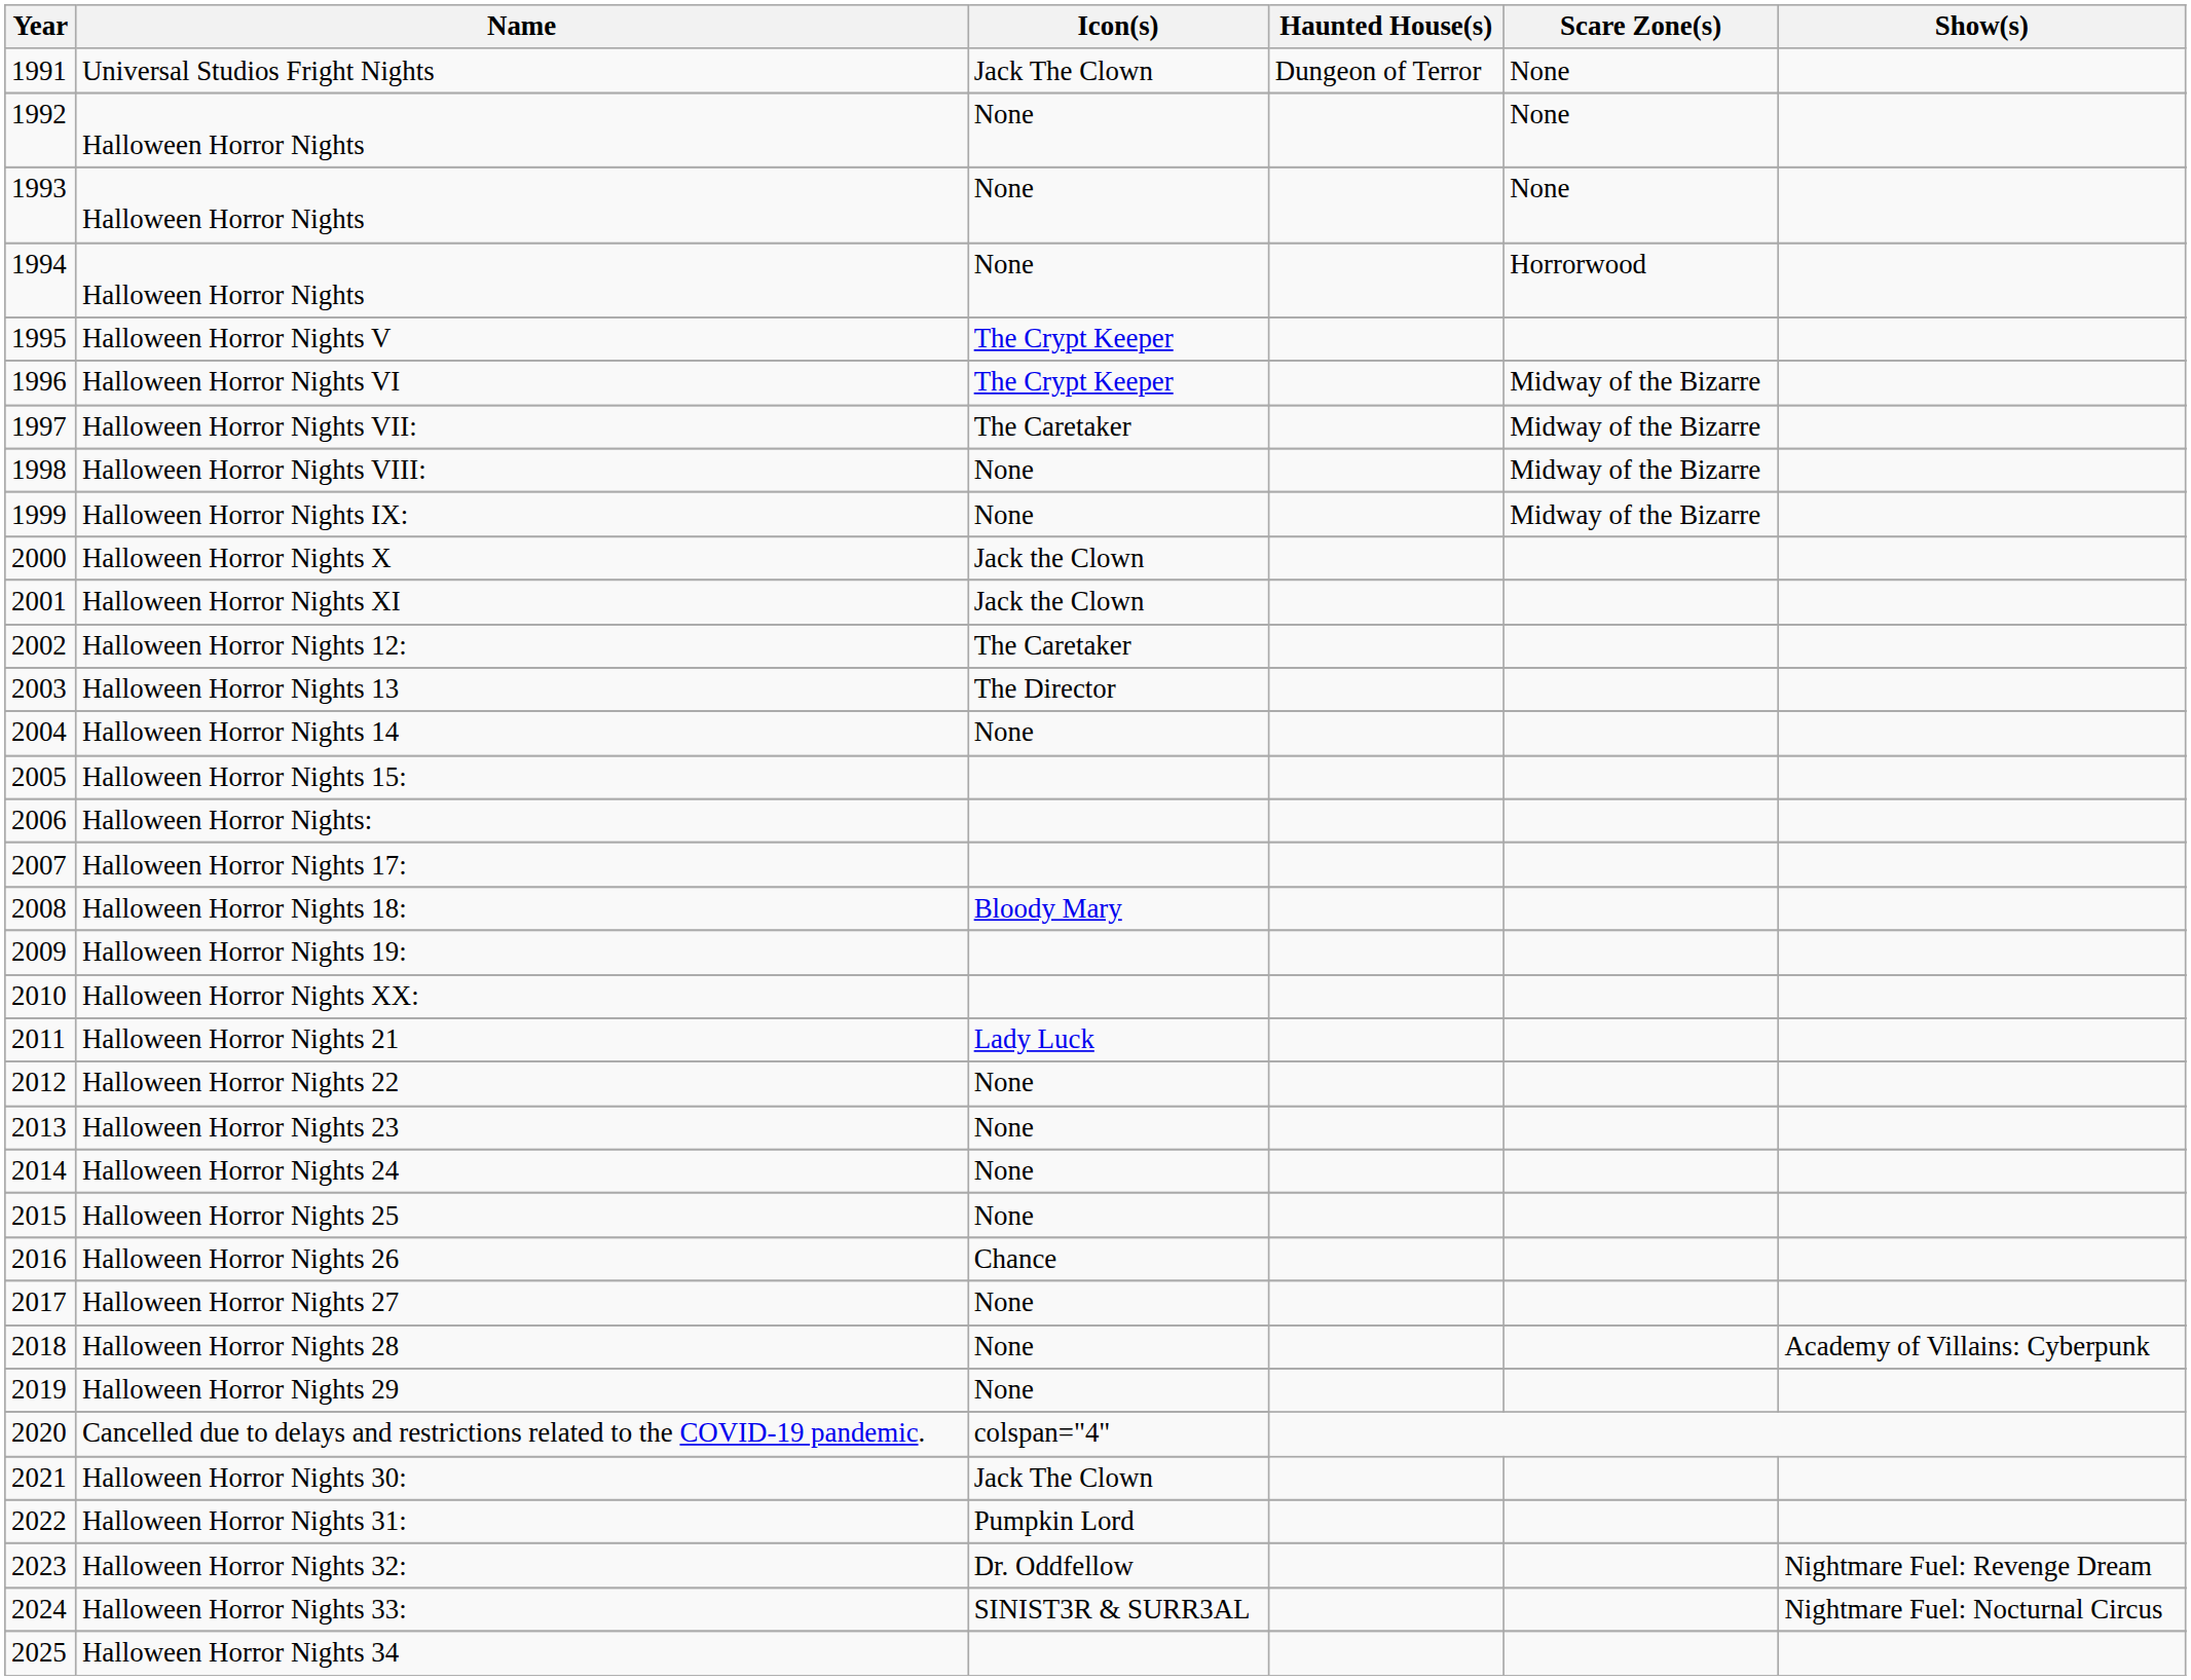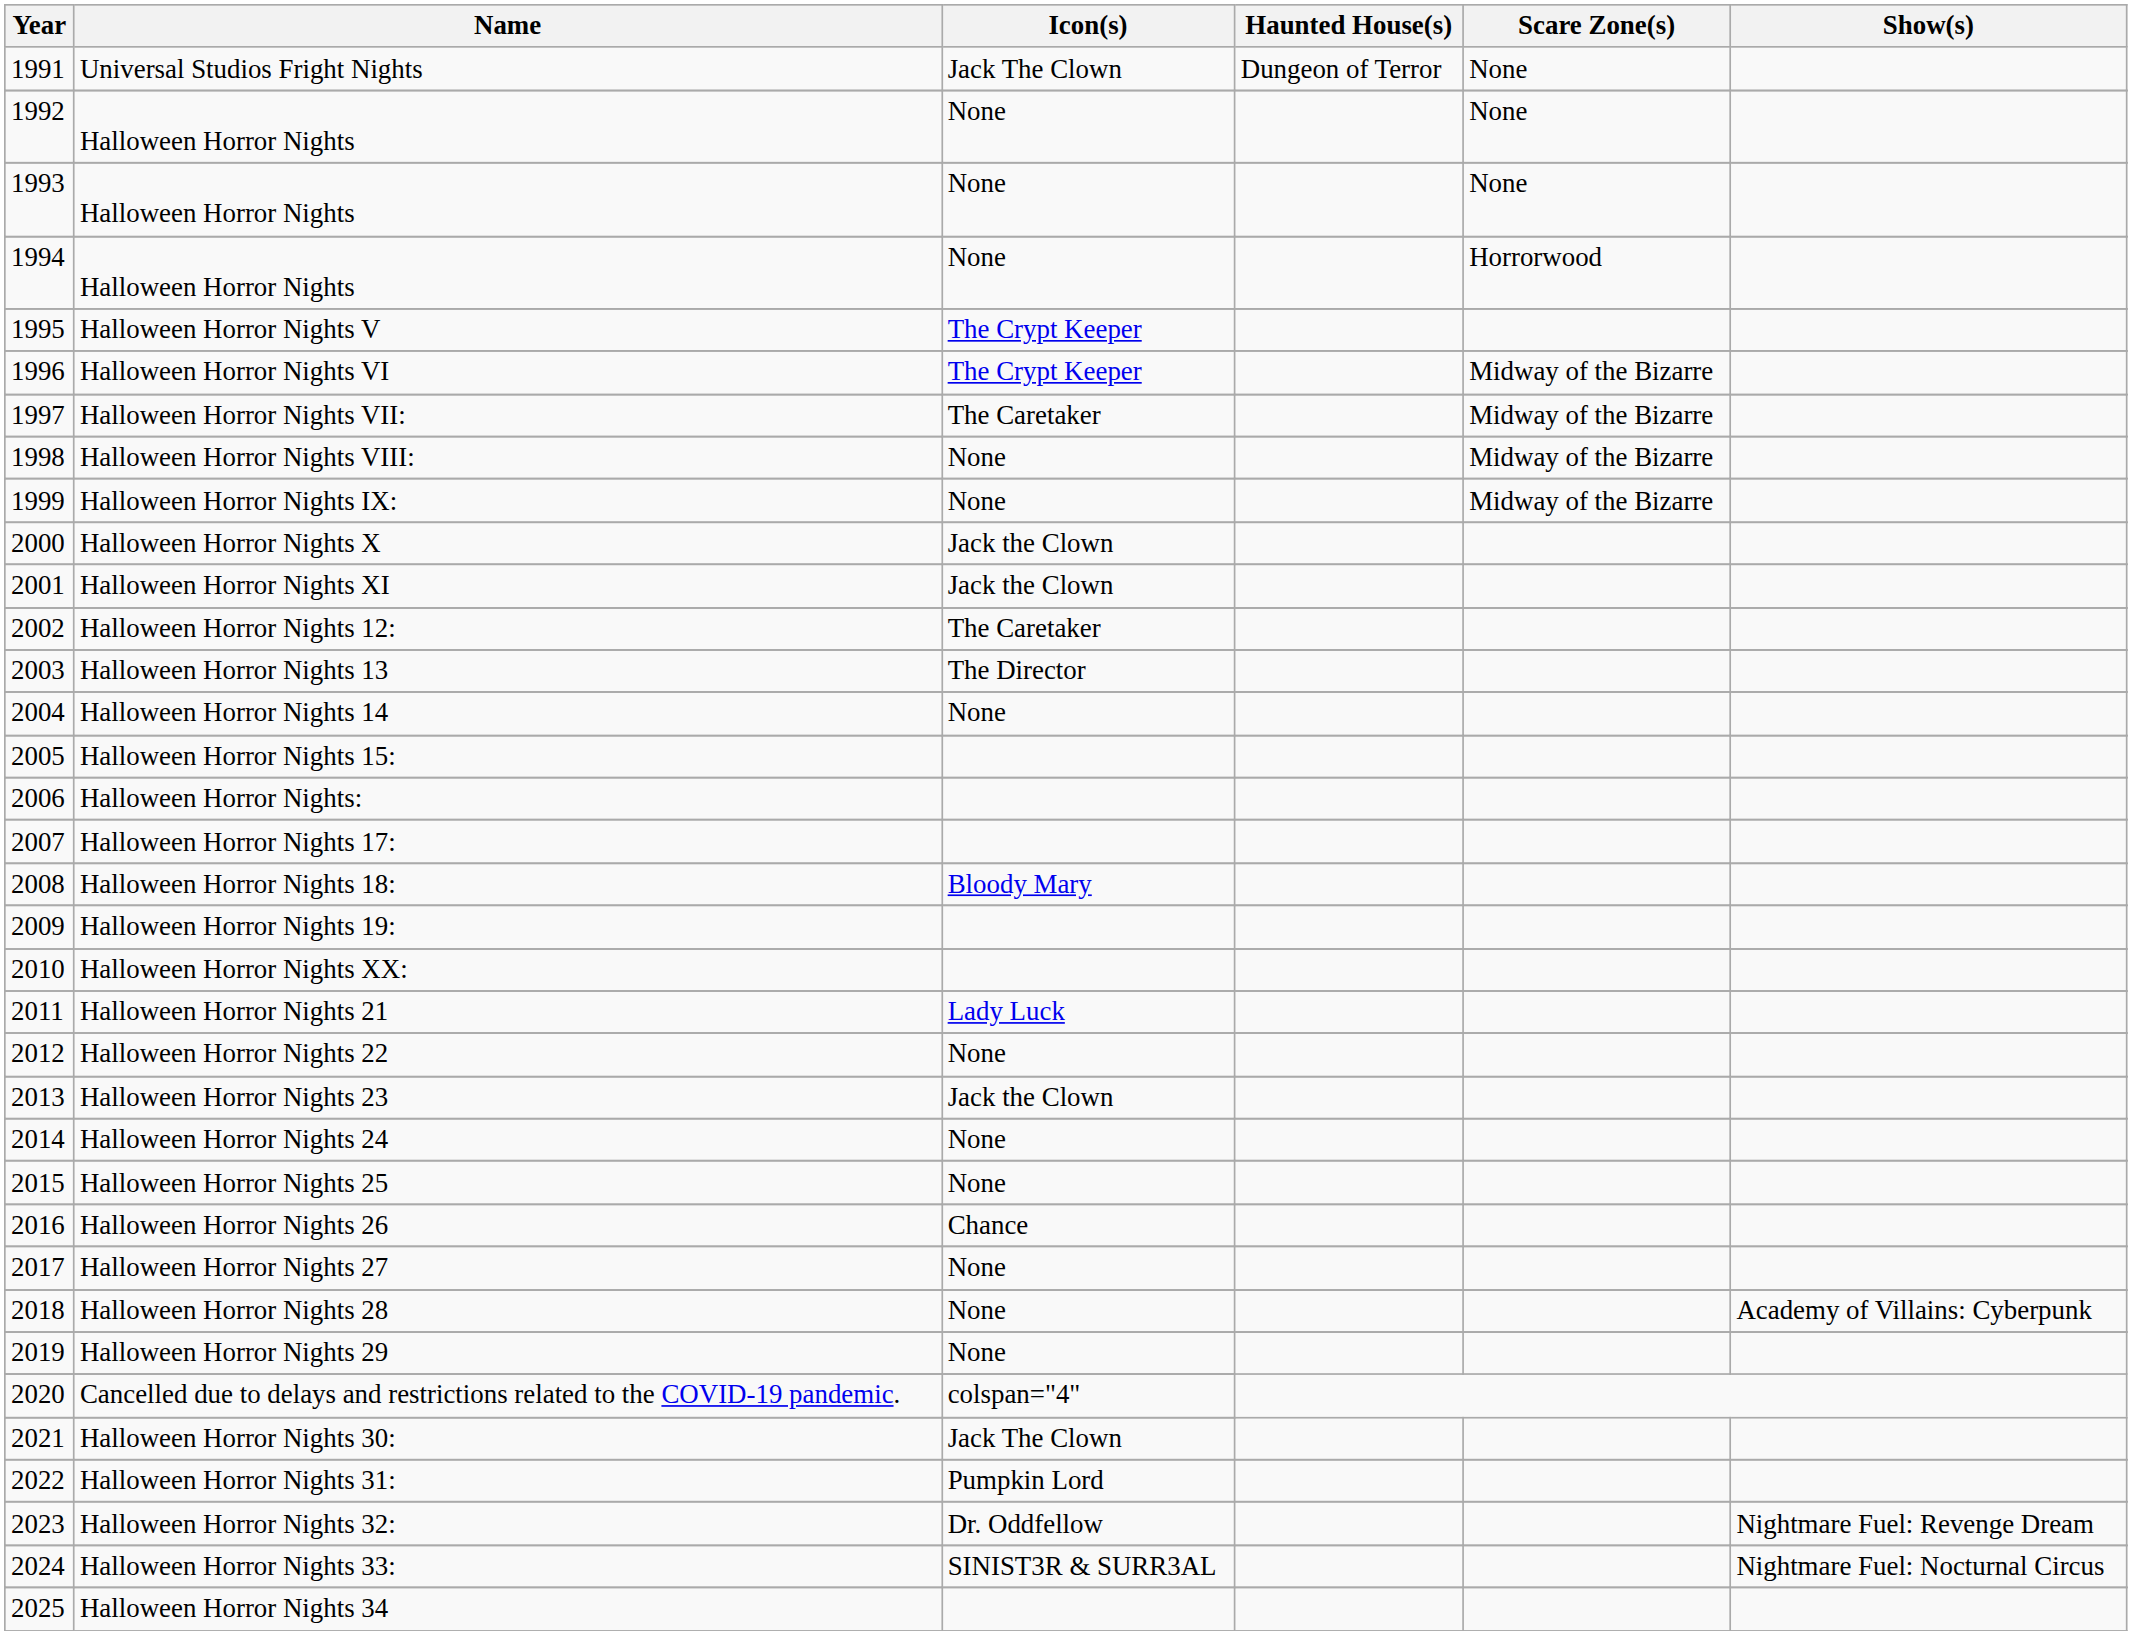 <table class="wikitable collapsible collapsed" style="width:100%">
 <tr>
 <th>Year</th>
 <th>Name</th>
 <th>Icon(s)</th>
 <th>Haunted House(s)</th>
 <th>Scare Zone(s)</th>
 <th>Show(s)</th>
 </tr>
 <tr valign="top">
 <td>1991</td>
 <td>Universal Studios Fright Nights</td>
 <td>Jack The Clown</td>
 <td>Dungeon of Terror</td>
 <td>None</td>
 <td></td>
 </tr>
 <tr>
 </tr>
 <tr valign="top">
 <td>1992</td>
 <td><br>Halloween Horror Nights</td>
 <td>None</td>
 <td></td>
 <td>None</td>
 <td></td>
 </tr>
 <tr>
 </tr>
 <tr valign="top">
 <td>1993</td>
 <td><br>Halloween Horror Nights</td>
 <td>None</td>
 <td></td>
 <td>None</td>
 <td></td>
 </tr>
 <tr>
 </tr>
 <tr valign="top">
 <td>1994</td>
 <td><br>Halloween Horror Nights</td>
 <td>None</td>
 <td></td>
 <td>Horrorwood</td>
 <td></td>
 </tr>
 <tr>
 </tr>
 <tr valign="top">
 <td>1995</td>
 <td>Halloween Horror Nights V</td>
 <td><a href='#'>The Crypt Keeper</a></td>
 <td></td>
 <td></td>
 <td></td>
 </tr>
 <tr>
 </tr>
 <tr valign="top">
 <td>1996</td>
 <td>Halloween Horror Nights VI</td>
 <td><a href='#'>The Crypt Keeper</a></td>
 <td></td>
 <td>Midway of the Bizarre</td>
 <td></td>
 </tr>
 <tr>
 </tr>
 <tr valign="top">
 <td>1997</td>
 <td>Halloween Horror Nights VII:<br></td>
 <td>The Caretaker</td>
 <td></td>
 <td>Midway of the Bizarre</td>
 <td></td>
 </tr>
 <tr>
 </tr>
 <tr valign="top">
 <td>1998</td>
 <td>Halloween Horror Nights VIII:<br></td>
 <td>None</td>
 <td></td>
 <td>Midway of the Bizarre</td>
 <td></td>
 </tr>
 <tr>
 </tr>
 <tr valign="top">
 <td>1999</td>
 <td>Halloween Horror Nights IX:<br></td>
 <td>None</td>
 <td></td>
 <td>Midway of the Bizarre</td>
 <td></td>
 </tr>
 <tr>
 </tr>
 <tr valign="top">
 <td>2000</td>
 <td>Halloween Horror Nights X</td>
 <td>Jack the Clown</td>
 <td></td>
 <td></td>
 <td></td>
 </tr>
 <tr>
 </tr>
 <tr valign="top">
 <td>2001</td>
 <td>Halloween Horror Nights XI</td>
 <td>Jack the Clown</td>
 <td></td>
 <td></td>
 <td></td>
 </tr>
 <tr>
 </tr>
 <tr valign="top">
 <td>2002</td>
 <td>Halloween Horror Nights 12:<br></td>
 <td>The Caretaker</td>
 <td></td>
 <td></td>
 <td></td>
 </tr>
 <tr>
 </tr>
 <tr valign="top">
 <td>2003</td>
 <td>Halloween Horror Nights 13</td>
 <td>The Director</td>
 <td></td>
 <td></td>
 <td></td>
 </tr>
 <tr>
 </tr>
 <tr valign="top">
 <td>2004</td>
 <td>Halloween Horror Nights 14</td>
 <td>None</td>
 <td></td>
 <td></td>
 <td></td>
 </tr>
 <tr>
 </tr>
 <tr valign="top">
 <td>2005</td>
 <td>Halloween Horror Nights 15:<br></td>
 <td></td>
 <td></td>
 <td></td>
 <td></td>
 </tr>
 <tr>
 </tr>
 <tr valign="top">
 <td>2006</td>
 <td>Halloween Horror Nights:<br></td>
 <td></td>
 <td></td>
 <td></td>
 <td></td>
 </tr>
 <tr>
 </tr>
 <tr valign="top">
 <td>2007</td>
 <td>Halloween Horror Nights 17:<br></td>
 <td></td>
 <td></td>
 <td></td>
 <td></td>
 </tr>
 <tr>
 </tr>
 <tr valign="top">
 <td>2008</td>
 <td>Halloween Horror Nights 18:<br></td>
 <td><a href='#'>Bloody Mary</a></td>
 <td></td>
 <td></td>
 <td></td>
 </tr>
 <tr>
 </tr>
 <tr valign="top">
 <td>2009</td>
 <td>Halloween Horror Nights 19:<br></td>
 <td></td>
 <td></td>
 <td></td>
 <td></td>
 </tr>
 <tr>
 </tr>
 <tr valign="top">
 <td>2010</td>
 <td>Halloween Horror Nights XX:<br></td>
 <td></td>
 <td></td>
 <td></td>
 <td></td>
 </tr>
 <tr>
 </tr>
 <tr valign="top">
 <td>2011</td>
 <td>Halloween Horror Nights 21</td>
 <td><a href='#'>Lady Luck</a></td>
 <td></td>
 <td></td>
 <td></td>
 </tr>
 <tr>
 </tr>
 <tr valign="top">
 <td>2012</td>
 <td>Halloween Horror Nights 22</td>
 <td>None</td>
 <td></td>
 <td></td>
 <td></td>
 </tr>
 <tr>
 </tr>
 <tr valign="top">
 <td>2013</td>
 <td>Halloween Horror Nights 23</td>
-<td>None</td>
+<td>Jack the Clown</td>
 <td></td>
 <td></td>
 <td></td>
 </tr>
 <tr>
 </tr>
 <tr valign="top">
 <td>2014</td>
 <td>Halloween Horror Nights 24</td>
 <td>None</td>
 <td></td>
 <td></td>
 <td></td>
 </tr>
 <tr>
 </tr>
 <tr valign="top">
 <td>2015</td>
 <td>Halloween Horror Nights 25</td>
 <td>None</td>
 <td></td>
 <td></td>
 <td></td>
 </tr>
 <tr>
 </tr>
 <tr valign="top">
 <td>2016</td>
 <td>Halloween Horror Nights 26</td>
 <td>Chance</td>
 <td></td>
 <td></td>
 <td></td>
 </tr>
 <tr>
 </tr>
 <tr valign="top">
 <td>2017</td>
 <td>Halloween Horror Nights 27</td>
 <td>None</td>
 <td></td>
 <td></td>
 <td></td>
 </tr>
 <tr>
 </tr>
 <tr valign="top">
 <td>2018</td>
 <td>Halloween Horror Nights 28</td>
 <td>None</td>
 <td></td>
 <td></td>
 <td>Academy of Villains: Cyberpunk</td>
 </tr>
 <tr>
 </tr>
 <tr valign="top">
 <td>2019</td>
 <td>Halloween Horror Nights 29</td>
 <td>None</td>
 <td></td>
 <td></td>
 <td></td>
 </tr>
 <tr>
 </tr>
 <tr valign="top">
 <td>2020</td>
 <td>Cancelled due to delays and restrictions related to the <a href='#'>COVID-19 pandemic</a>.</td>
 <td>colspan="4" </td>
 </tr>
 <tr>
 </tr>
 <tr valign="top">
 <td>2021</td>
 <td>Halloween Horror Nights 30:<br></td>
 <td>Jack The Clown</td>
 <td></td>
 <td></td>
 <td></td>
 </tr>
 <tr>
 </tr>
 <tr valign= "top">
 <td>2022</td>
 <td>Halloween Horror Nights 31:<br></td>
 <td>Pumpkin Lord</td>
 <td></td>
 <td></td>
 <td></td>
 </tr>
 <tr>
 </tr>
 <tr valign= "top">
 <td>2023</td>
 <td>Halloween Horror Nights 32:<br></td>
 <td>Dr. Oddfellow</td>
 <td></td>
 <td></td>
 <td>Nightmare Fuel: Revenge Dream</td>
 </tr>
 <tr>
 </tr>
 <tr valign= "top">
 <td>2024</td>
 <td>Halloween Horror Nights 33:<br></td>
 <td>SINIST3R & SURR3AL</td>
 <td></td>
 <td></td>
 <td>Nightmare Fuel: Nocturnal Circus</td>
 </tr>
 <tr>
 </tr>
 <tr valign= "top">
 <td>2025</td>
 <td>Halloween Horror Nights 34</td>
 <td></td>
 <td></td>
 <td></td>
 <td></td>
 </tr>
 <tr>
 </tr>
 </table>
